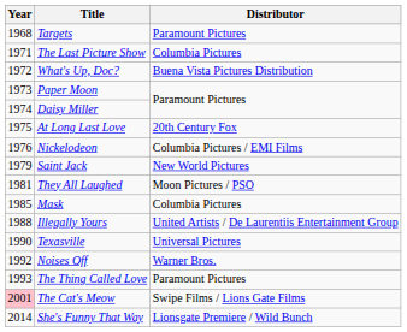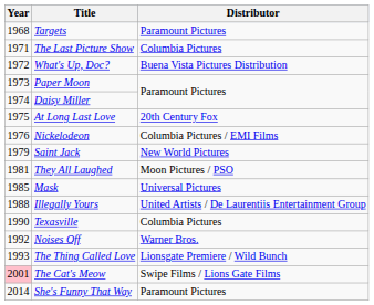 <table class="wikitable">
 <tr style="background:#b0c4de; text-align:center;">
 <th>Year</th>
 <th>Title</th>
 <th>Distributor</th>
 </tr>
 <tr>
 <td>1968</td>
 <td><em><a href='#'>Targets</a></em></td>
 <td><a href='#'>Paramount Pictures</a></td>
 </tr>
 <tr>
 <td>1971</td>
 <td><em><a href='#'>The Last Picture Show</a></em></td>
 <td><a href='#'>Columbia Pictures</a></td>
 </tr>
 <tr>
 <td>1972</td>
 <td><em><a href='#'>What's Up, Doc?</a></em></td>
 <td><a href='#'>Buena Vista Pictures Distribution</a></td>
 </tr>
 <tr>
 <td>1973</td>
 <td><em><a href='#'>Paper Moon</a></em></td>
 <td rowspan="2">Paramount Pictures</td>
 </tr>
 <tr>
 <td>1974</td>
 <td><em><a href='#'>Daisy Miller</a></em></td>
 </tr>
 <tr>
 <td>1975</td>
 <td><em><a href='#'>At Long Last Love</a></em></td>
 <td><a href='#'>20th Century Fox</a></td>
 </tr>
 <tr>
 <td>1976</td>
 <td><em><a href='#'>Nickelodeon</a></em></td>
 <td>Columbia Pictures / <a href='#'>EMI Films</a></td>
 </tr>
 <tr>
 <td>1979</td>
 <td><em><a href='#'>Saint Jack</a></em></td>
 <td><a href='#'>New World Pictures</a></td>
 </tr>
 <tr>
 <td>1981</td>
 <td><em><a href='#'>They All Laughed</a></em></td>
 <td>Moon Pictures / <a href='#'>PSO</a></td>
 </tr>
 <tr>
 <td>1985</td>
 <td><em><a href='#'>Mask</a></em></td>
-<td>Columbia Pictures</td>
+<td><a href='#'>Universal Pictures</a></td>
 </tr>
 <tr>
 <td>1988</td>
 <td><em><a href='#'>Illegally Yours</a></em></td>
 <td><a href='#'>United Artists</a> / <a href='#'>De Laurentiis Entertainment Group</a></td>
 </tr>
 <tr>
 <td>1990</td>
 <td><em><a href='#'>Texasville</a></em></td>
-<td><a href='#'>Universal Pictures</a></td>
+<td>Columbia Pictures</td>
 </tr>
 <tr>
 <td>1992</td>
 <td><em><a href='#'>Noises Off</a></em></td>
 <td><a href='#'>Warner Bros.</a></td>
 </tr>
 <tr>
 <td>1993</td>
 <td><em><a href='#'>The Thing Called Love</a></em></td>
-<td>Paramount Pictures</td>
+<td><a href='#'>Lionsgate Premiere</a> / <a href='#'>Wild Bunch</a></td>
 </tr>
 <tr>
 <td style="background: pink;">2001</td>
 <td><em><a href='#'>The Cat's Meow</a></em></td>
 <td>Swipe Films / <a href='#'>Lions Gate Films</a></td>
 </tr>
 <tr>
 <td>2014</td>
 <td><em><a href='#'>She's Funny That Way</a></em></td>
-<td><a href='#'>Lionsgate Premiere</a> / <a href='#'>Wild Bunch</a></td>
+<td>Paramount Pictures</td>
 </tr>
 </table>
